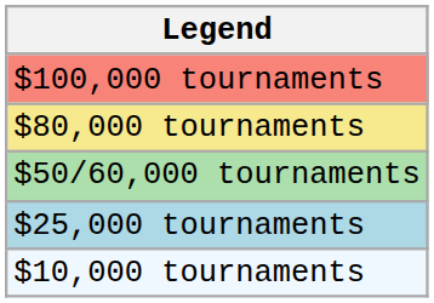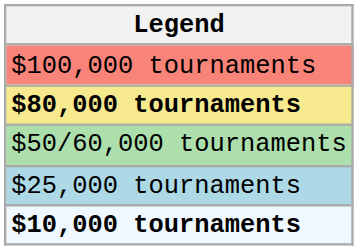 <table class=wikitable style="font-size:85%">
 <tr>
 <th>Legend</th>
 </tr>
 <tr style="background:#f88379;">
 <td>$100,000 tournaments</td>
 </tr>
 <tr style="background:#f7e98e;">
-<td>$80,000 tournaments</td>
+<td><strong>$80,000 tournaments</strong></td>
 </tr>
 <tr style="background:#addfad;">
 <td>$50/60,000 tournaments</td>
 </tr>
 <tr style="background:lightblue;">
 <td>$25,000 tournaments</td>
 </tr>
 <tr style="background:#f0f8ff;">
-<td>$10,000 tournaments</td>
+<td><strong>$10,000 tournaments</strong></td>
 </tr>
 </table>
